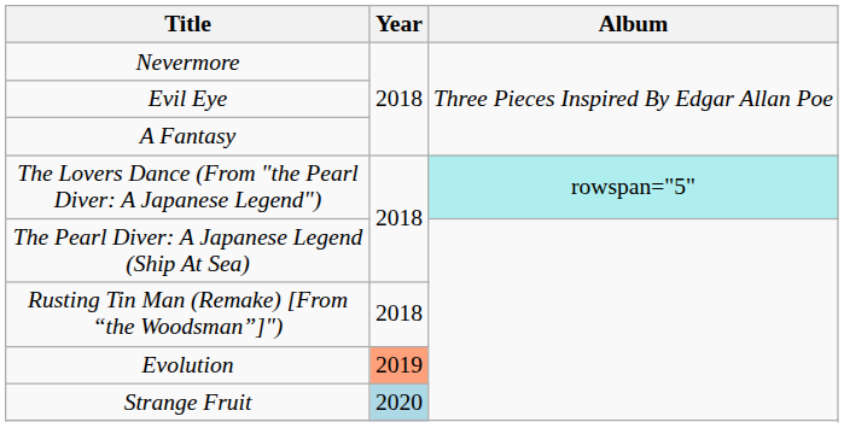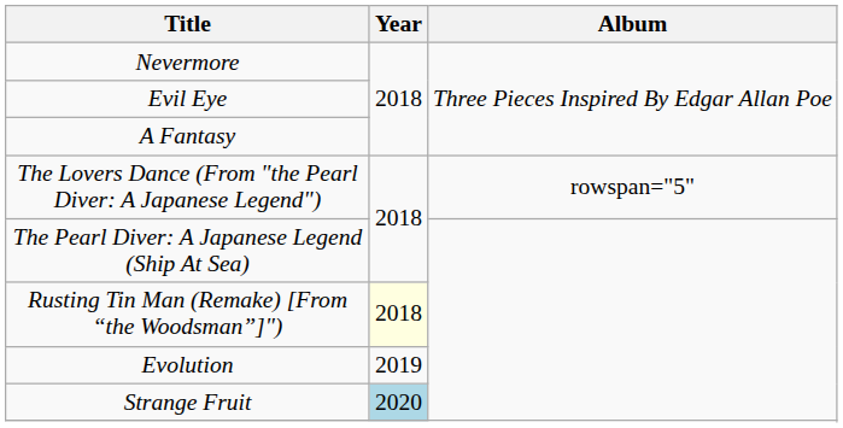 <table class="wikitable plainrowheaders" style="text-align:center;">
 <tr>
 <th scope="col" rowspan="1" style="width:15em;">Title</th>
 <th scope="col" rowspan="1">Year</th>
 <th scope="col" rowspan="1">Album</th>
 </tr>
 <tr>
 <td scope="row"><em>Nevermore</em></td>
 <td rowspan="3">2018</td>
 <td rowspan="3"><em>Three Pieces Inspired By Edgar Allan Poe</em></td>
 </tr>
 <tr>
 <td scope="row"><em>Evil Eye</em></td>
 </tr>
 <tr>
 <td scope="row"><em>A Fantasy</em></td>
 </tr>
 <tr>
 <td scope="row"><em>The Lovers Dance (From "the Pearl Diver: A Japanese Legend")</em></td>
 <td rowspan="2">2018</td>
-<td style="background: paleturquoise;">rowspan="5" </td>
+<td>rowspan="5" </td>
 </tr>
 <tr>
 <td scope="row"><em>The Pearl Diver: A Japanese Legend (Ship At Sea)</em></td>
 </tr>
 <tr>
 <td scope="row"><em>Rusting Tin Man (Remake) [From “the Woodsman”]")</em></td>
-<td rowspan="1">2018</td>
+<td rowspan="1" style="background: lightyellow;">2018</td>
 </tr>
 <tr>
 <td scope="row"><em>Evolution</em></td>
-<td rowspan="1" style="background: lightsalmon;">2019</td>
+<td rowspan="1">2019</td>
 </tr>
 <tr>
 <td scope="row"><em>Strange Fruit</em></td>
 <td rowspan="1" style="background: lightblue;">2020</td>
 </tr>
 <tr>
 </tr>
 </table>
